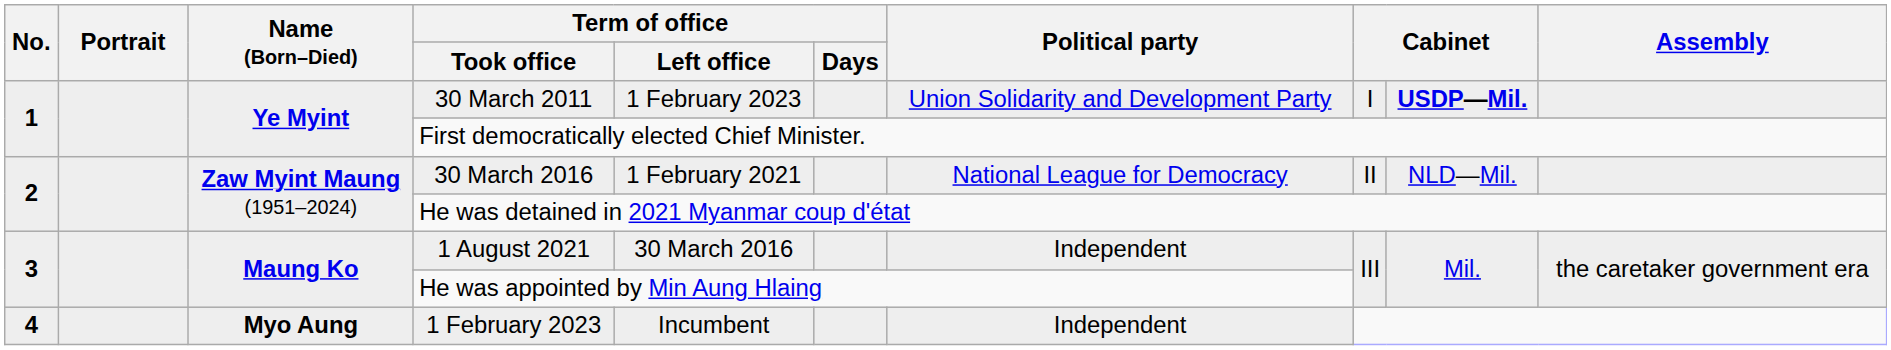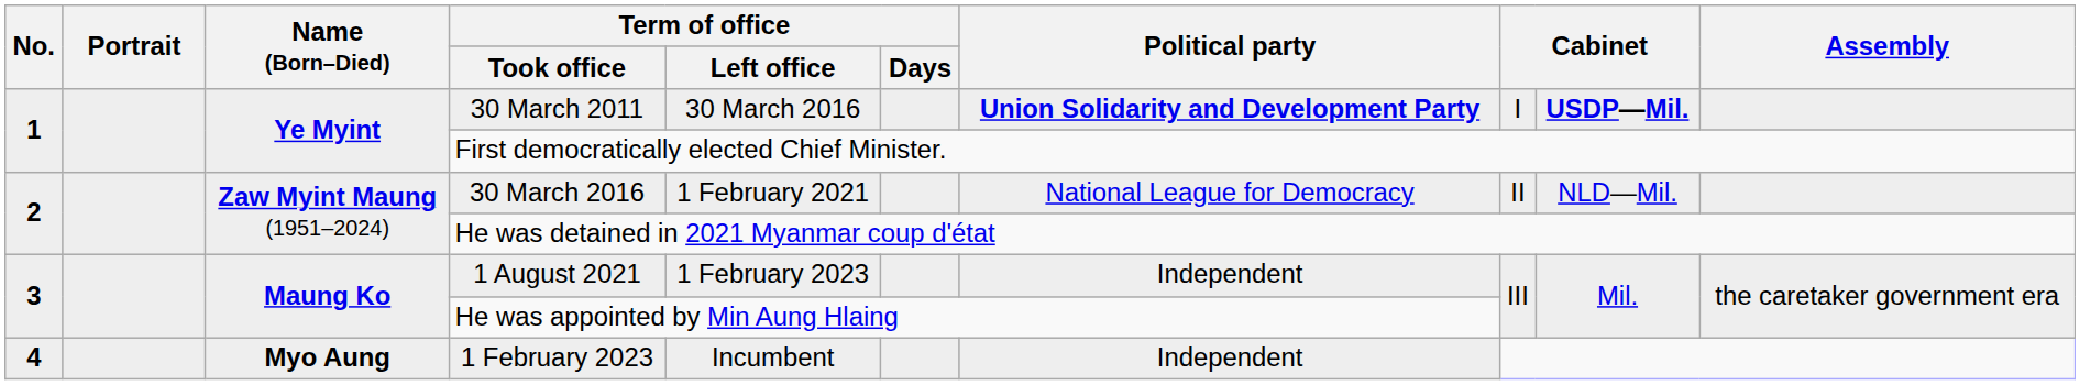 <table class="wikitable" style="text-align:center; width:100%; border:1px #AAAAFF solid">
 <tr>
 <th rowspan=2>No.</th>
 <th width=80 rowspan=2>Portrait</th>
 <th rowspan=2>Name<br><small>(Born–Died)</small></th>
 <th colspan=3>Term of office</th>
 <th rowspan=2>Political party</th>
 <th rowspan=2 colspan=2>Cabinet</th>
 <th rowspan=2><a href='#'>Assembly</a></th>
 </tr>
 <tr>
 <th>Took office</th>
 <th>Left office</th>
 <th>Days</th>
 </tr>
 <tr style="background:#EEEEEE">
 <td rowspan=2 style="background:"><strong>1</strong></td>
 <td rowspan=2></td>
 <td rowspan=2><strong><a href='#'>Ye Myint</a></strong></td>
 <td>30 March 2011</td>
-<td>1 February 2023</td>
+<td>30 March 2016</td>
 <td></td>
-<td><a href='#'>Union Solidarity and Development Party</a></td>
+<td><strong><a href='#'>Union Solidarity and Development Party</a></strong></td>
 <td>I</td>
 <td><strong><a href='#'>USDP</a>—<a href='#'>Mil.</a></strong></td>
 <td rowspan=1 bgcolor=><a href='#'></a></td>
 </tr>
 <tr>
 <td colspan=7 align=left>First democratically elected Chief Minister.</td>
 </tr>
 <tr style="background:#EEEEEE">
 <td rowspan=2 style="background:"><strong>2</strong></td>
 <td rowspan=2></td>
 <td rowspan=2><strong><a href='#'>Zaw Myint Maung</a></strong><br><small>(1951–2024)</small></td>
 <td>30 March 2016</td>
 <td>1 February 2021</td>
 <td></td>
 <td><a href='#'>National League for Democracy</a></td>
 <td>II</td>
 <td><a href='#'>NLD</a>—<a href='#'>Mil.</a></td>
 <td rowspan=1 bgcolor=><a href='#'></a></td>
 </tr>
 <tr>
 <td colspan=7 align=left>He was detained in <a href='#'>2021 Myanmar coup d'état</a></td>
 </tr>
 <tr style="background:#EEEEEE">
 <td rowspan=2><strong>3</strong></td>
 <td rowspan=2></td>
 <td rowspan=2><strong><a href='#'>Maung Ko</a></strong></td>
 <td>1 August 2021</td>
-<td>30 March 2016</td>
+<td>1 February 2023</td>
 <td></td>
 <td>Independent</td>
 <td rowspan=2>III</td>
 <td rowspan=2><a href='#'>Mil.</a></td>
 <td rowspan=2>the caretaker government era</td>
 </tr>
 <tr>
 <td colspan=7 align=left>He was appointed by <a href='#'>Min Aung Hlaing</a></td>
 </tr>
 <tr style="background:#EEEEEE">
 <td><strong>4</strong></td>
 <td></td>
 <td><strong>Myo Aung</strong></td>
 <td>1 February 2023</td>
 <td>Incumbent</td>
 <td></td>
 <td>Independent</td>
 </tr>
 </table>
